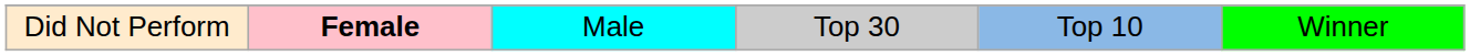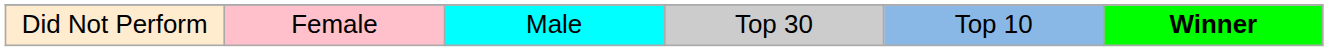 <table class="wikitable" style="margin:1em auto; text-align:center;">
 <tr>
 </tr>
 <tr>
 <td style="background:#ffebcd; width:15%;">Did Not Perform</td>
-<td style="background:pink; width:15%;"><strong>Female</strong></td>
+<td style="background:pink; width:15%;">Female</td>
 <td style="background:cyan; width:15%;">Male</td>
 <td style="background:#ccc; width:15%;">Top 30</td>
 <td style="background:#8ab8e6; width:15%;">Top 10</td>
-<td style="background:lime; width:15%;">Winner</td>
+<td style="background:lime; width:15%;"><strong>Winner</strong></td>
 </tr>
 </table>
